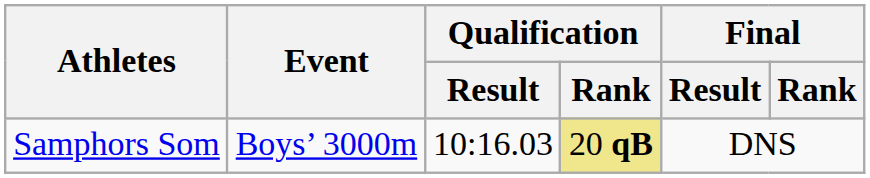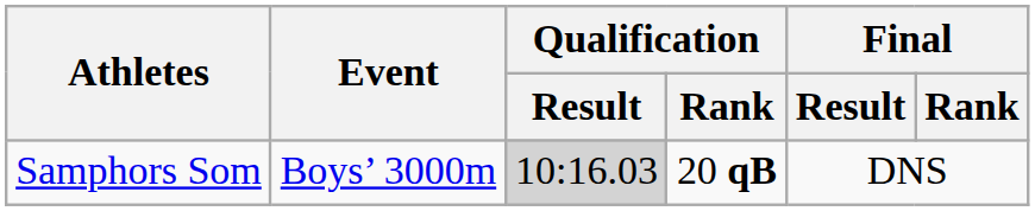 <table class="wikitable" border="1" style="font-size:90%">
 <tr>
 <th rowspan=2>Athletes</th>
 <th rowspan=2>Event</th>
 <th colspan=2>Qualification</th>
 <th colspan=2>Final</th>
 </tr>
 <tr>
 <th>Result</th>
 <th>Rank</th>
 <th>Result</th>
 <th>Rank</th>
 </tr>
 <tr>
 <td><a href='#'>Samphors Som</a></td>
 <td><a href='#'>Boys’ 3000m</a></td>
-<td align=center>10:16.03</td>
-<td align=center style="background: khaki;">20 <strong>qB</strong></td>
+<td align=center style="background: lightgrey;">10:16.03</td>
+<td align=center>20 <strong>qB</strong></td>
 <td align=center colspan=2>DNS</td>
 </tr>
 </table>
